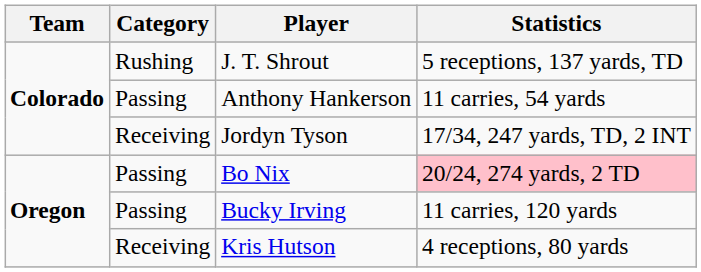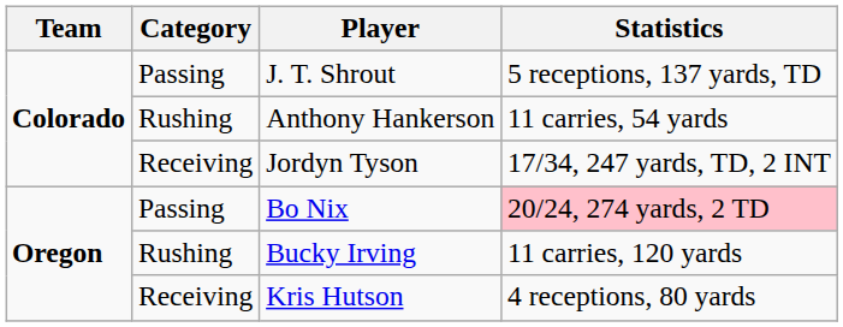 <table class="wikitable" style="float: right;">
 <tr>
 <th>Team</th>
 <th>Category</th>
 <th>Player</th>
 <th>Statistics</th>
 </tr>
 <tr>
 <td rowspan=3><strong>Colorado</strong></td>
-<td>Rushing</td>
+<td>Passing</td>
 <td>J. T. Shrout</td>
 <td>5 receptions, 137 yards, TD</td>
 </tr>
 <tr>
-<td>Passing</td>
+<td>Rushing</td>
 <td>Anthony Hankerson</td>
 <td>11 carries, 54 yards</td>
 </tr>
 <tr>
 <td>Receiving</td>
 <td>Jordyn Tyson</td>
 <td>17/34, 247 yards, TD, 2 INT</td>
 </tr>
 <tr>
 <td rowspan=3><strong>Oregon</strong></td>
 <td>Passing</td>
 <td><a href='#'>Bo Nix</a></td>
 <td style="background: pink;">20/24, 274 yards, 2 TD</td>
 </tr>
 <tr>
-<td>Passing</td>
+<td>Rushing</td>
 <td><a href='#'>Bucky Irving</a></td>
 <td>11 carries, 120 yards</td>
 </tr>
 <tr>
 <td>Receiving</td>
 <td><a href='#'>Kris Hutson</a></td>
 <td>4 receptions, 80 yards</td>
 </tr>
 </table>
